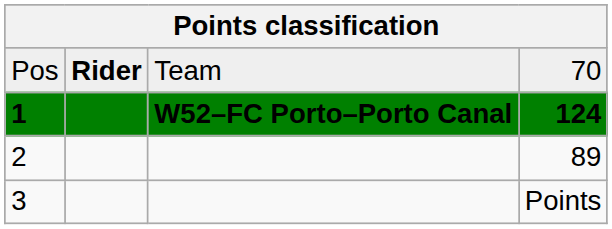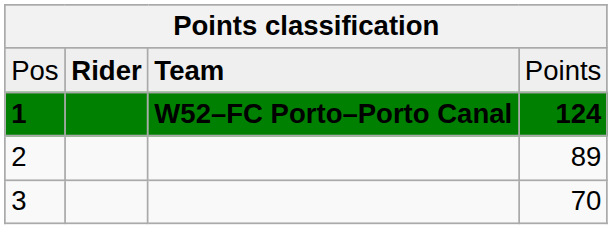 <table class="wikitable">
 <tr>
 <th colspan=4>Points classification</th>
 </tr>
 <tr bgcolor=#efefef>
 <td>Pos</td>
 <td><strong>Rider</strong></td>
-<td>Team</td>
-<td align="right">70</td>
+<td><strong>Team</strong></td>
+<td>Points</td>
 </tr>
 <tr bgcolor=Green>
 <td><span><strong>1</strong></span></td>
 <td><span><strong></strong></span> </td>
 <td><span><strong>W52–FC Porto–Porto Canal</strong></span></td>
 <td align="right"><span><strong>124</strong></span></td>
 </tr>
 <tr>
 <td>2</td>
 <td></td>
 <td></td>
 <td align="right">89</td>
 </tr>
 <tr>
 <td>3</td>
 <td></td>
 <td></td>
-<td>Points</td>
+<td align="right">70</td>
 </tr>
 </table>
